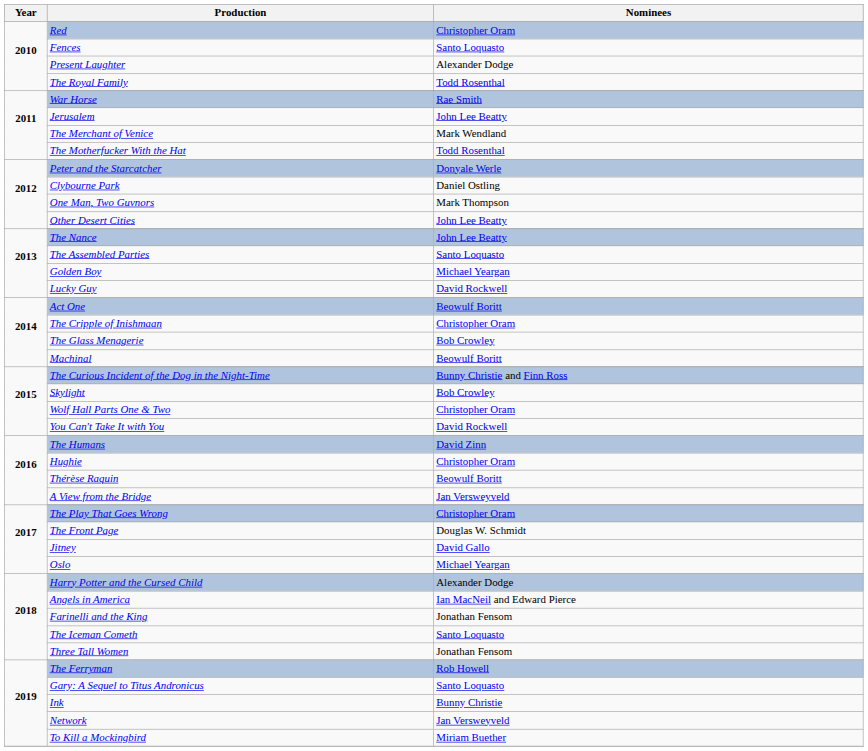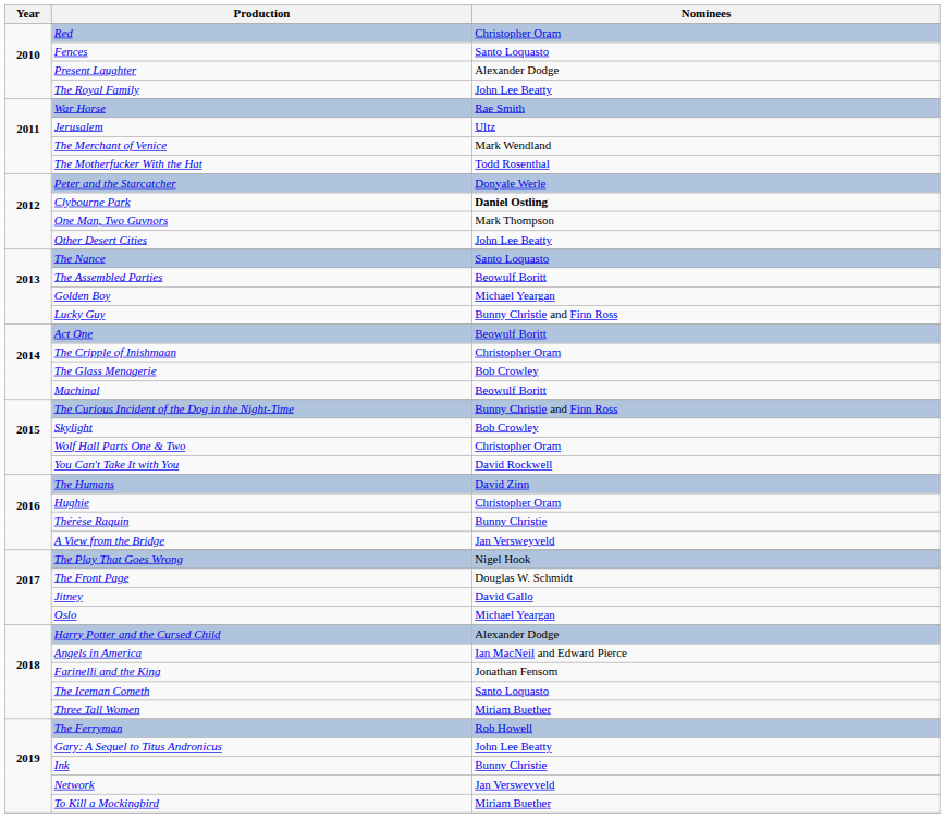 <table class="wikitable" style="width:100%;">
 <tr style="background:#bebebe;">
 <th style="width:5%;">Year</th>
 <th style="width:45%;”">Production</th>
 <th style="width:50%;”">Nominees</th>
 </tr>
 <tr>
 <td rowspan="5" align="center"><strong>2010</strong><br><br></td>
 </tr>
 <tr style="background:#B0C4DE">
 <td><em><a href='#'>Red</a></em></td>
 <td><a href='#'>Christopher Oram</a></td>
 </tr>
 <tr>
 <td><em><a href='#'>Fences</a></em></td>
 <td><a href='#'>Santo Loquasto</a></td>
 </tr>
 <tr>
 <td><em><a href='#'>Present Laughter</a></em></td>
 <td>Alexander Dodge</td>
 </tr>
 <tr>
 <td><em><a href='#'>The Royal Family</a></em></td>
-<td><a href='#'>Todd Rosenthal</a></td>
+<td><a href='#'>John Lee Beatty</a></td>
 </tr>
 <tr>
 <td rowspan="5" align="center"><strong>2011</strong><br><br></td>
 </tr>
 <tr style="background:#B0C4DE">
 <td><em><a href='#'>War Horse</a></em></td>
 <td><a href='#'>Rae Smith</a></td>
 </tr>
 <tr>
 <td><em><a href='#'>Jerusalem</a></em></td>
-<td><a href='#'>John Lee Beatty</a></td>
+<td><a href='#'>Ultz</a></td>
 </tr>
 <tr>
 <td><em><a href='#'>The Merchant of Venice</a></em></td>
 <td>Mark Wendland</td>
 </tr>
 <tr>
 <td><em><a href='#'>The Motherfucker With the Hat</a></em></td>
 <td><a href='#'>Todd Rosenthal</a></td>
 </tr>
 <tr>
 <td rowspan="5" align="center"><strong>2012</strong><br><br></td>
 </tr>
 <tr style="background:#B0C4DE">
 <td><em><a href='#'>Peter and the Starcatcher</a></em></td>
 <td><a href='#'>Donyale Werle</a></td>
 </tr>
 <tr>
 <td><em><a href='#'>Clybourne Park</a></em></td>
-<td>Daniel Ostling</td>
+<td><strong>Daniel Ostling</strong></td>
 </tr>
 <tr>
 <td><em><a href='#'>One Man, Two Guvnors</a></em></td>
 <td>Mark Thompson</td>
 </tr>
 <tr>
 <td><em><a href='#'>Other Desert Cities</a></em></td>
 <td><a href='#'>John Lee Beatty</a></td>
 </tr>
 <tr>
 <td rowspan="5" align="center"><strong>2013</strong><br><br></td>
 </tr>
 <tr style="background:#B0C4DE">
 <td><em><a href='#'>The Nance</a></em></td>
-<td><a href='#'>John Lee Beatty</a></td>
+<td><a href='#'>Santo Loquasto</a></td>
 </tr>
 <tr>
 <td><em><a href='#'>The Assembled Parties</a></em></td>
-<td><a href='#'>Santo Loquasto</a></td>
+<td><a href='#'>Beowulf Boritt</a></td>
 </tr>
 <tr>
 <td><em><a href='#'>Golden Boy</a></em></td>
 <td><a href='#'>Michael Yeargan</a></td>
 </tr>
 <tr>
 <td><em><a href='#'>Lucky Guy</a></em></td>
-<td><a href='#'>David Rockwell</a></td>
+<td><a href='#'>Bunny Christie</a> and <a href='#'>Finn Ross</a></td>
 </tr>
 <tr>
 <td rowspan="5" align="center"><strong>2014</strong><br><br></td>
 </tr>
 <tr style="background:#B0C4DE">
 <td><em><a href='#'>Act One</a></em></td>
 <td><a href='#'>Beowulf Boritt</a></td>
 </tr>
 <tr>
 <td><em><a href='#'>The Cripple of Inishmaan</a></em></td>
 <td><a href='#'>Christopher Oram</a></td>
 </tr>
 <tr>
 <td><em><a href='#'>The Glass Menagerie</a></em></td>
 <td><a href='#'>Bob Crowley</a></td>
 </tr>
 <tr>
 <td><em><a href='#'>Machinal</a></em></td>
 <td><a href='#'>Beowulf Boritt</a></td>
 </tr>
 <tr>
 <td rowspan="5" align="center"><strong>2015</strong><br><br></td>
 </tr>
 <tr style="background:#B0C4DE">
 <td><em><a href='#'>The Curious Incident of the Dog in the Night-Time</a></em></td>
 <td><a href='#'>Bunny Christie</a> and <a href='#'>Finn Ross</a></td>
 </tr>
 <tr>
 <td><em><a href='#'>Skylight</a></em></td>
 <td><a href='#'>Bob Crowley</a></td>
 </tr>
 <tr>
 <td><em><a href='#'>Wolf Hall Parts One & Two</a></em></td>
 <td><a href='#'>Christopher Oram</a></td>
 </tr>
 <tr>
 <td><em><a href='#'>You Can't Take It with You</a></em></td>
 <td><a href='#'>David Rockwell</a></td>
 </tr>
 <tr>
 <td rowspan="5" align="center"><strong>2016</strong><br><br></td>
 </tr>
 <tr style="background:#B0C4DE">
 <td><em><a href='#'>The Humans</a></em></td>
 <td><a href='#'>David Zinn</a></td>
 </tr>
 <tr>
 <td><em><a href='#'>Hughie</a></em></td>
 <td><a href='#'>Christopher Oram</a></td>
 </tr>
 <tr>
 <td><em><a href='#'>Thérèse Raquin</a></em></td>
-<td><a href='#'>Beowulf Boritt</a></td>
+<td><a href='#'>Bunny Christie</a></td>
 </tr>
 <tr>
 <td><em><a href='#'>A View from the Bridge</a></em></td>
 <td><a href='#'>Jan Versweyveld</a></td>
 </tr>
 <tr>
 <td rowspan="5" align="center"><strong>2017</strong><br><br></td>
 </tr>
 <tr style="background:#B0C4DE">
 <td><em><a href='#'>The Play That Goes Wrong</a></em></td>
-<td><a href='#'>Christopher Oram</a></td>
+<td>Nigel Hook</td>
 </tr>
 <tr>
 <td><em><a href='#'>The Front Page</a></em></td>
 <td>Douglas W. Schmidt</td>
 </tr>
 <tr>
 <td><em><a href='#'>Jitney</a></em></td>
 <td><a href='#'>David Gallo</a></td>
 </tr>
 <tr>
 <td><em><a href='#'>Oslo</a></em></td>
 <td><a href='#'>Michael Yeargan</a></td>
 </tr>
 <tr>
 <td rowspan="6" align="center"><strong>2018</strong><br><br></td>
 </tr>
 <tr style="background:#B0C4DE">
 <td><em><a href='#'>Harry Potter and the Cursed Child</a></em></td>
 <td>Alexander Dodge</td>
 </tr>
 <tr>
 <td><em><a href='#'>Angels in America</a></em></td>
 <td><a href='#'>Ian MacNeil</a> and Edward Pierce</td>
 </tr>
 <tr>
 <td><em><a href='#'>Farinelli and the King</a></em></td>
 <td>Jonathan Fensom</td>
 </tr>
 <tr>
 <td><em><a href='#'>The Iceman Cometh</a></em></td>
 <td><a href='#'>Santo Loquasto</a></td>
 </tr>
 <tr>
 <td><em><a href='#'>Three Tall Women</a></em></td>
-<td>Jonathan Fensom</td>
+<td><a href='#'>Miriam Buether</a></td>
 </tr>
 <tr>
 <td rowspan="6" align="center"><strong>2019</strong><br><br></td>
 </tr>
 <tr style="background:#B0C4DE">
 <td><em><a href='#'>The Ferryman</a></em></td>
 <td><a href='#'>Rob Howell</a></td>
 </tr>
 <tr>
 <td><em><a href='#'>Gary: A Sequel to Titus Andronicus</a></em></td>
-<td><a href='#'>Santo Loquasto</a></td>
+<td><a href='#'>John Lee Beatty</a></td>
 </tr>
 <tr>
 <td><em><a href='#'>Ink</a></em></td>
 <td><a href='#'>Bunny Christie</a></td>
 </tr>
 <tr>
 <td><em><a href='#'>Network</a></em></td>
 <td><a href='#'>Jan Versweyveld</a></td>
 </tr>
 <tr>
 <td><em><a href='#'>To Kill a Mockingbird</a></em></td>
 <td><a href='#'>Miriam Buether</a></td>
 </tr>
 <tr>
 </tr>
 </table>
